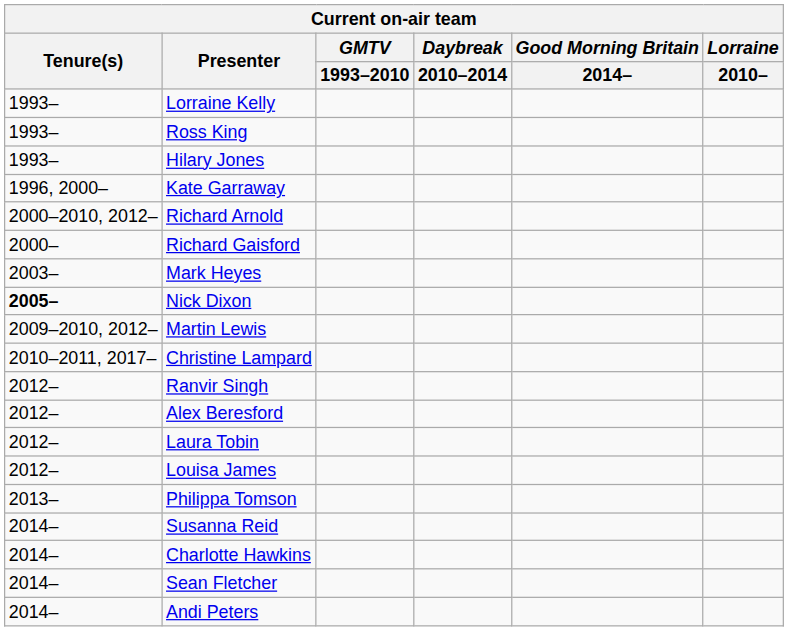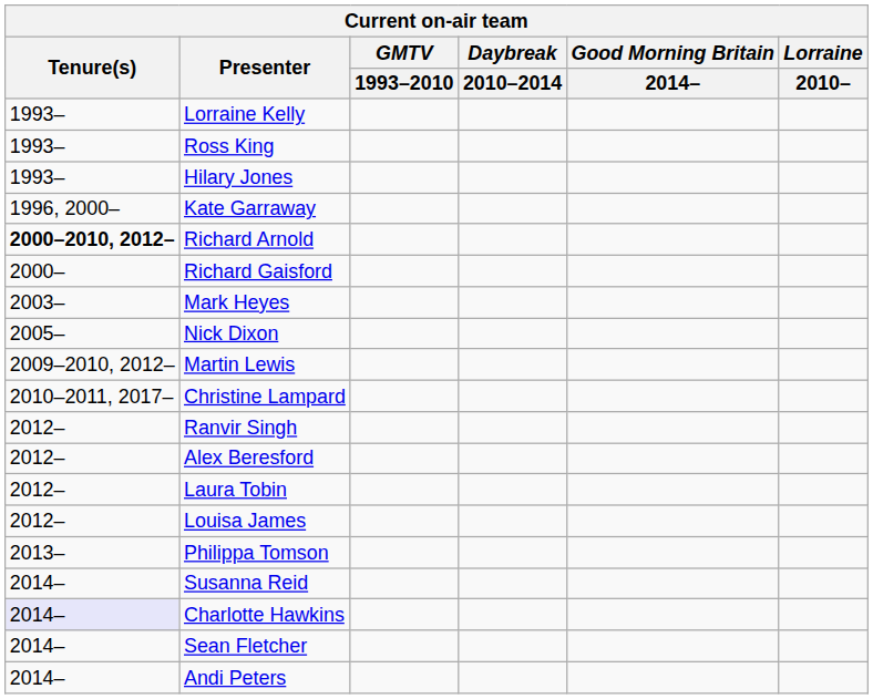 <table class="wikitable" style="font-size:90%;">
 <tr>
 <th colspan=8>Current on-air team</th>
 </tr>
 <tr>
 <th rowspan=2>Tenure(s)</th>
 <th rowspan=2>Presenter</th>
 <th><em>GMTV</em></th>
 <th><em>Daybreak</em></th>
 <th><em>Good Morning Britain</em></th>
 <th><em>Lorraine</em></th>
 </tr>
 <tr>
 <th>1993–2010</th>
 <th>2010–2014</th>
 <th>2014–</th>
 <th>2010–</th>
 </tr>
 <tr>
 <td>1993–</td>
 <td><a href='#'>Lorraine Kelly</a></td>
 <td></td>
 <td></td>
 <td></td>
 <td></td>
 </tr>
 <tr>
 <td>1993–</td>
 <td><a href='#'>Ross King</a></td>
 <td></td>
 <td></td>
 <td></td>
 <td></td>
 </tr>
 <tr>
 <td>1993–</td>
 <td><a href='#'>Hilary Jones</a></td>
 <td></td>
 <td></td>
 <td></td>
 <td></td>
 </tr>
 <tr>
 <td>1996, 2000–</td>
 <td><a href='#'>Kate Garraway</a></td>
 <td></td>
 <td></td>
 <td></td>
 <td></td>
 </tr>
 <tr>
-<td>2000–2010, 2012–</td>
+<td><strong>2000–2010, 2012–</strong></td>
 <td><a href='#'>Richard Arnold</a></td>
 <td></td>
 <td></td>
 <td></td>
 <td></td>
 </tr>
 <tr>
 <td>2000–</td>
 <td><a href='#'>Richard Gaisford</a></td>
 <td></td>
 <td></td>
 <td></td>
 <td></td>
 </tr>
 <tr>
 <td>2003–</td>
 <td><a href='#'>Mark Heyes</a></td>
 <td></td>
 <td></td>
 <td></td>
 <td></td>
 </tr>
 <tr>
-<td><strong>2005–</strong></td>
+<td>2005–</td>
 <td><a href='#'>Nick Dixon</a></td>
 <td></td>
 <td></td>
 <td></td>
 <td></td>
 </tr>
 <tr>
 <td>2009–2010, 2012–</td>
 <td><a href='#'>Martin Lewis</a></td>
 <td></td>
 <td></td>
 <td></td>
 <td></td>
 </tr>
 <tr>
 <td>2010–2011, 2017–</td>
 <td><a href='#'>Christine Lampard</a></td>
 <td></td>
 <td></td>
 <td></td>
 <td></td>
 </tr>
 <tr>
 <td>2012–</td>
 <td><a href='#'>Ranvir Singh</a></td>
 <td></td>
 <td></td>
 <td></td>
 <td></td>
 </tr>
 <tr>
 <td>2012–</td>
 <td><a href='#'>Alex Beresford</a></td>
 <td></td>
 <td></td>
 <td></td>
 <td></td>
 </tr>
 <tr>
 <td>2012–</td>
 <td><a href='#'>Laura Tobin</a></td>
 <td></td>
 <td></td>
 <td></td>
 <td></td>
 </tr>
 <tr>
 <td>2012–</td>
 <td><a href='#'>Louisa James</a></td>
 <td></td>
 <td></td>
 <td></td>
 <td></td>
 </tr>
 <tr>
 <td>2013–</td>
 <td><a href='#'>Philippa Tomson</a></td>
 <td></td>
 <td></td>
 <td></td>
 <td></td>
 </tr>
 <tr>
 <td>2014–</td>
 <td><a href='#'>Susanna Reid</a></td>
 <td></td>
 <td></td>
 <td></td>
 <td></td>
 </tr>
 <tr>
-<td>2014–</td>
+<td style="background: lavender;">2014–</td>
 <td><a href='#'>Charlotte Hawkins</a></td>
 <td></td>
 <td></td>
 <td></td>
 <td></td>
 </tr>
 <tr>
 <td>2014–</td>
 <td><a href='#'>Sean Fletcher</a></td>
 <td></td>
 <td></td>
 <td></td>
 <td></td>
 </tr>
 <tr>
 <td>2014–</td>
 <td><a href='#'>Andi Peters</a></td>
 <td></td>
 <td></td>
 <td></td>
 <td></td>
 </tr>
 </table>
